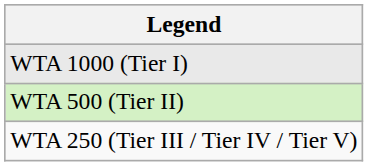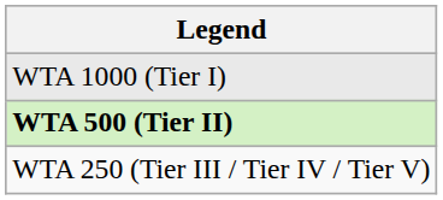 <table class="wikitable" style=font-size:90%>
 <tr>
 <th>Legend</th>
 </tr>
 <tr bgcolor=e9e9e9>
 <td>WTA 1000 (Tier I)</td>
 </tr>
 <tr bgcolor=d4f1c5>
-<td>WTA 500 (Tier II)</td>
+<td><strong>WTA 500 (Tier II)</strong></td>
 </tr>
 <tr>
 <td>WTA 250 (Tier III / Tier IV / Tier V)</td>
 </tr>
 </table>
